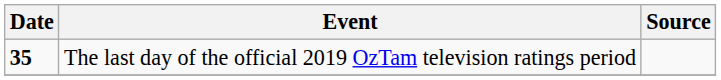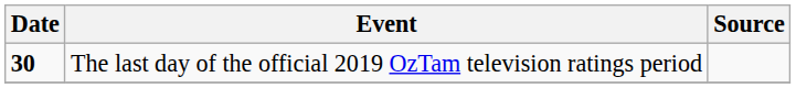 <table class="wikitable">
 <tr>
 <th>Date</th>
 <th>Event</th>
 <th>Source</th>
 </tr>
 <tr>
-<td><strong>35</strong></td>
+<td><strong>30</strong></td>
 <td>The last day of the official 2019 <a href='#'>OzTam</a> television ratings period</td>
 <td></td>
 </tr>
 <tr>
 </tr>
 </table>
